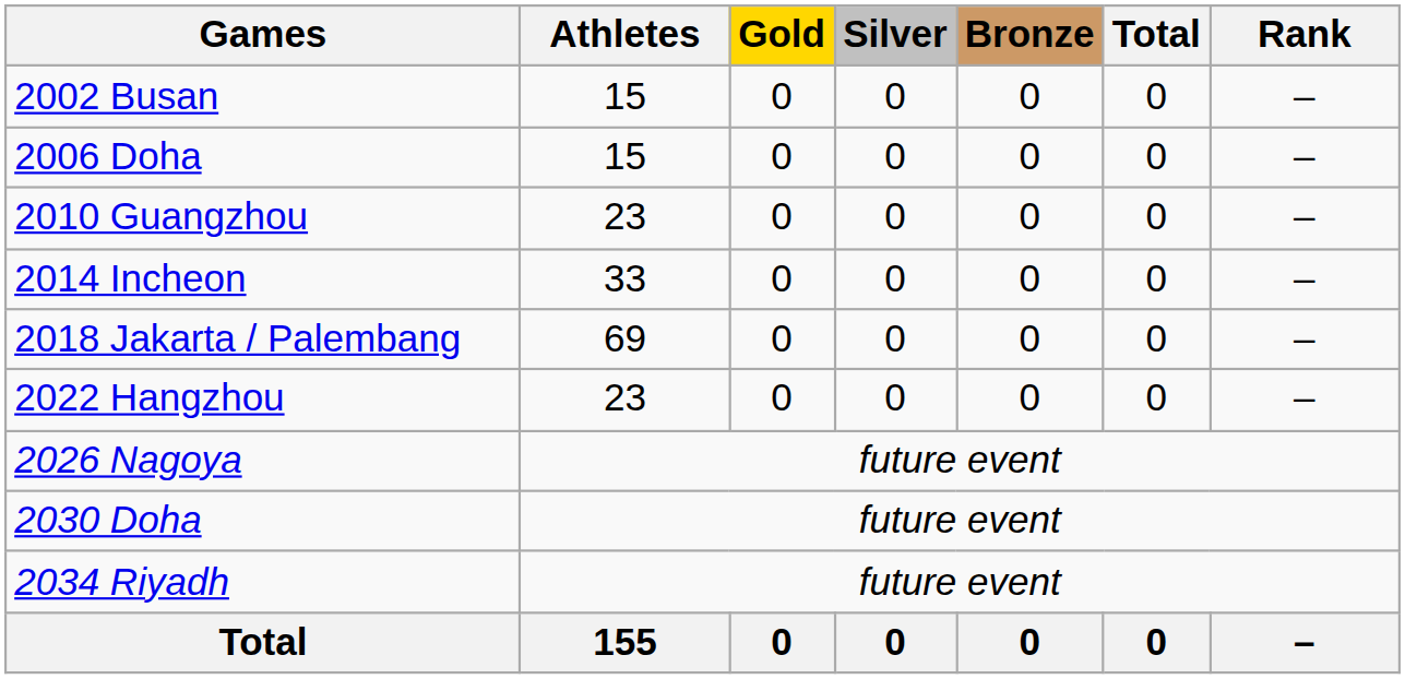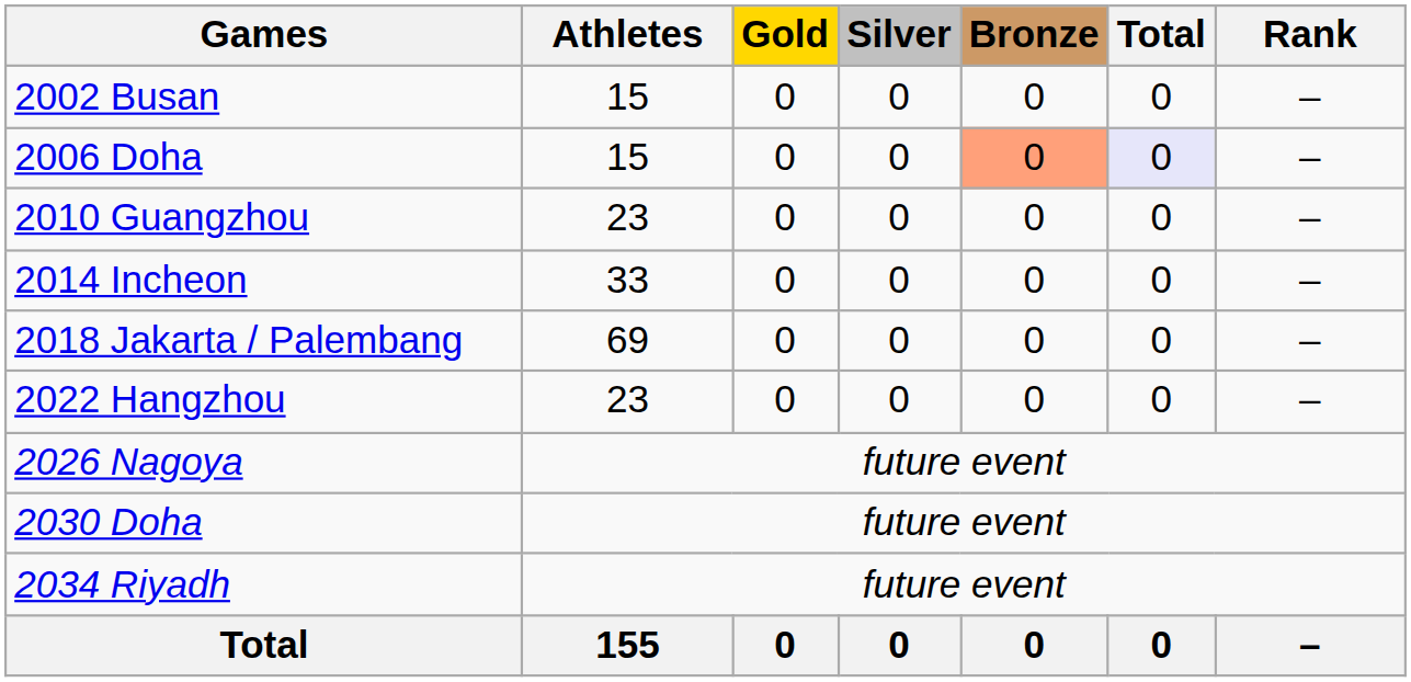 <table class="wikitable sortable plainrowheaders" border="1" style="text-align:center;">
 <tr>
 <th scope="col" style="width:13em;">Games</th>
 <th scope="col" style="width:5em;">Athletes</th>
 <th scope="col" style="background-color:gold; font-weight:bold;">Gold</th>
 <th scope="col" style="background-color:silver; font-weight:bold;">Silver</th>
 <th scope="col" style="background-color:#cc9966; font-weight:bold;">Bronze</th>
 <th scope="col">Total</th>
 <th style="width:4.5em; font-weight:bold;">Rank</th>
 </tr>
 <tr>
 <td align=left> <a href='#'>2002 Busan</a></td>
 <td>15</td>
 <td>0</td>
 <td>0</td>
 <td>0</td>
 <td>0</td>
 <td>–</td>
 </tr>
 <tr>
 <td align=left> <a href='#'>2006 Doha</a></td>
 <td>15</td>
 <td>0</td>
 <td>0</td>
-<td>0</td>
-<td>0</td>
+<td style="background: lightsalmon;">0</td>
+<td style="background: lavender;">0</td>
 <td>–</td>
 </tr>
 <tr>
 <td align=left> <a href='#'>2010 Guangzhou</a></td>
 <td>23</td>
 <td>0</td>
 <td>0</td>
 <td>0</td>
 <td>0</td>
 <td>–</td>
 </tr>
 <tr>
 <td align=left> <a href='#'>2014 Incheon</a></td>
 <td>33</td>
 <td>0</td>
 <td>0</td>
 <td>0</td>
 <td>0</td>
 <td>–</td>
 </tr>
 <tr>
 <td align=left> <a href='#'>2018 Jakarta / Palembang</a></td>
 <td>69</td>
 <td>0</td>
 <td>0</td>
 <td>0</td>
 <td>0</td>
 <td>–</td>
 </tr>
 <tr>
 <td align=left> <a href='#'>2022 Hangzhou</a></td>
 <td>23</td>
 <td>0</td>
 <td>0</td>
 <td>0</td>
 <td>0</td>
 <td>–</td>
 </tr>
 <tr>
 <td align=left> <em><a href='#'>2026 Nagoya</a></em></td>
 <td colspan=6><em>future event</em></td>
 </tr>
 <tr>
 <td align=left> <em><a href='#'>2030 Doha</a></em></td>
 <td colspan=6><em>future event</em></td>
 </tr>
 <tr>
 <td align=left> <em><a href='#'>2034 Riyadh</a></em></td>
 <td colspan=6><em>future event</em></td>
 </tr>
 <tr>
 <th>Total</th>
 <th>155</th>
 <th>0</th>
 <th>0</th>
 <th>0</th>
 <th>0</th>
 <th>–</th>
 </tr>
 </table>
